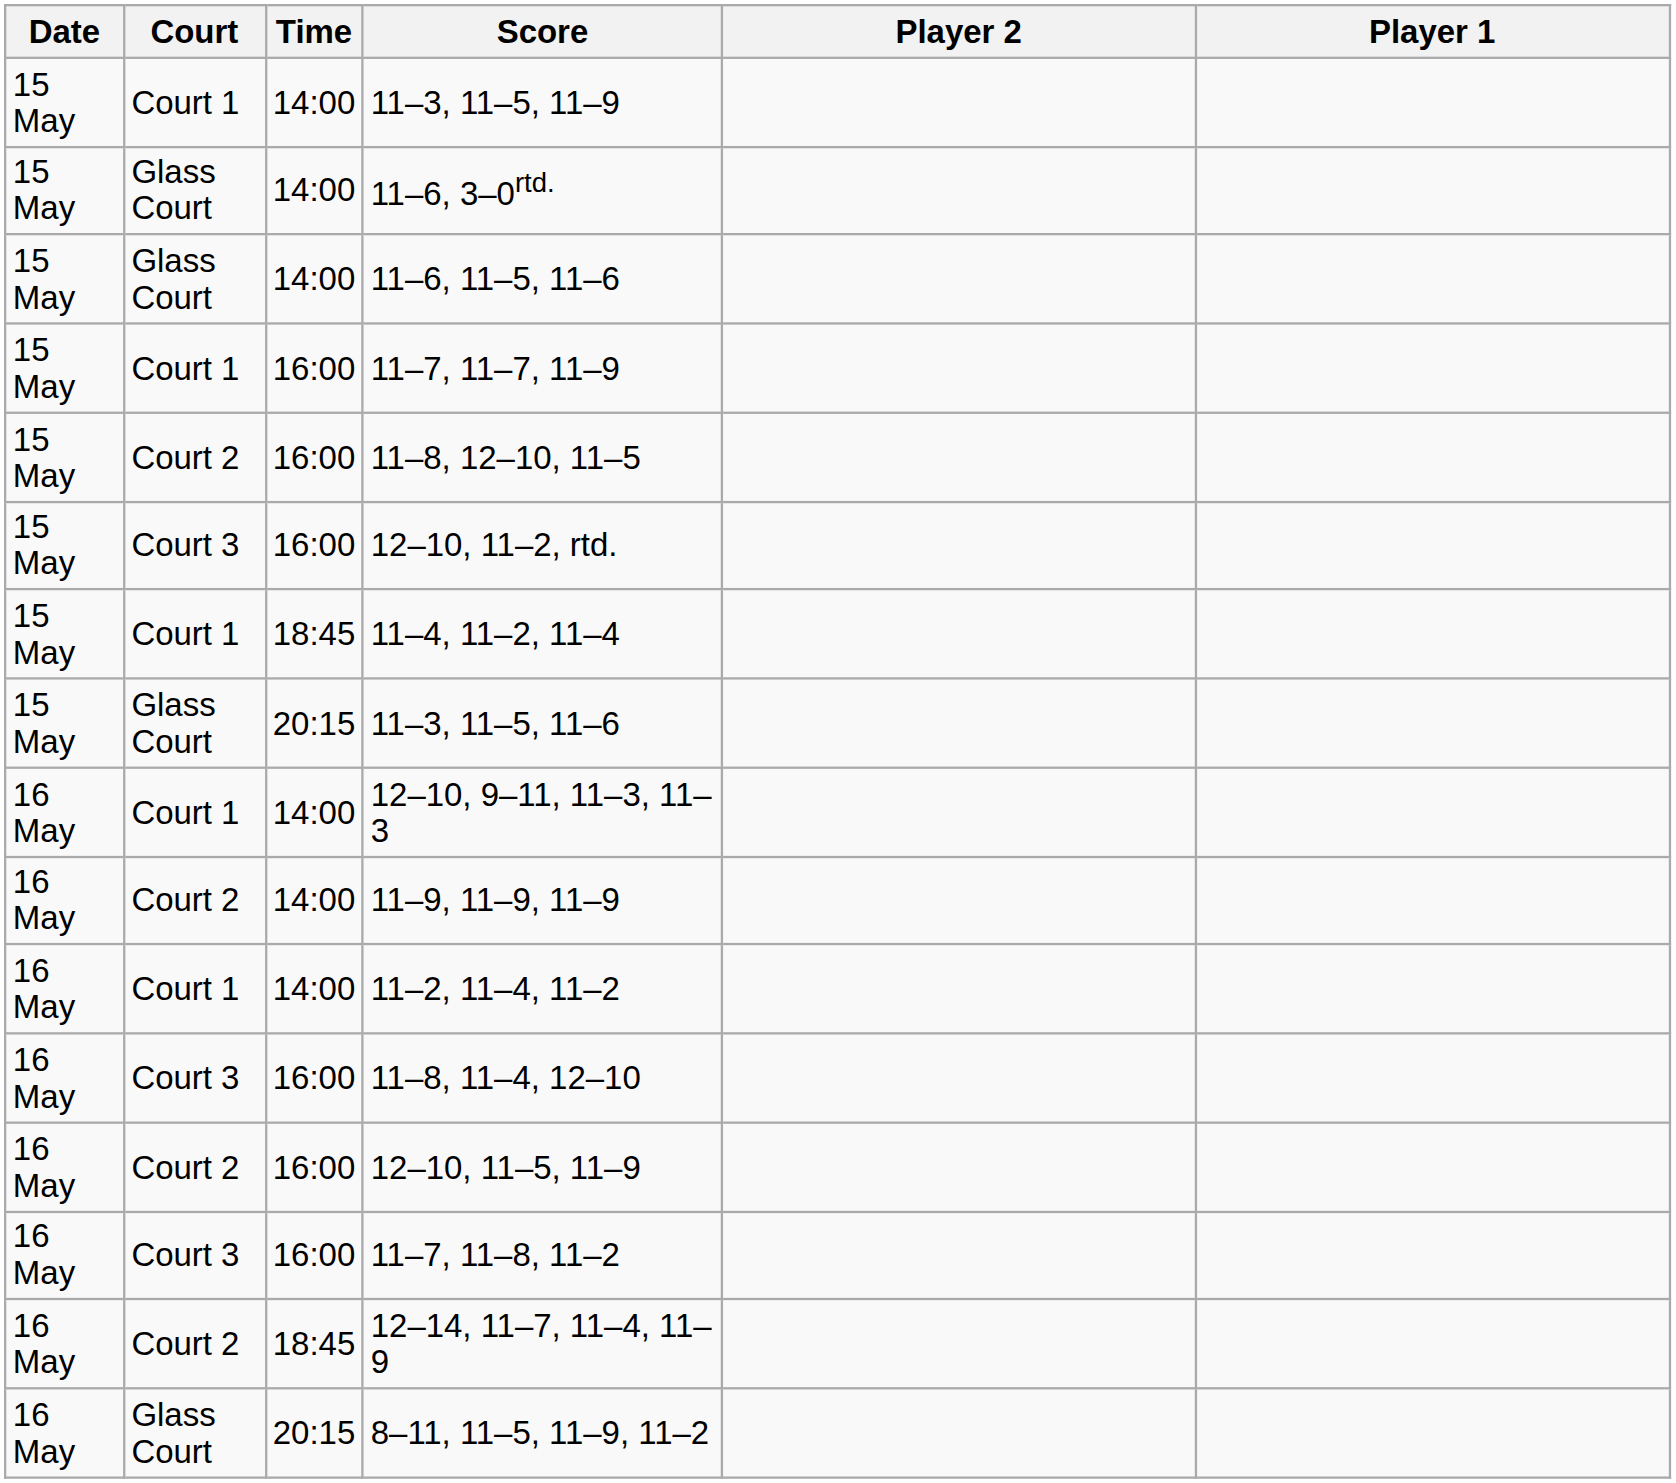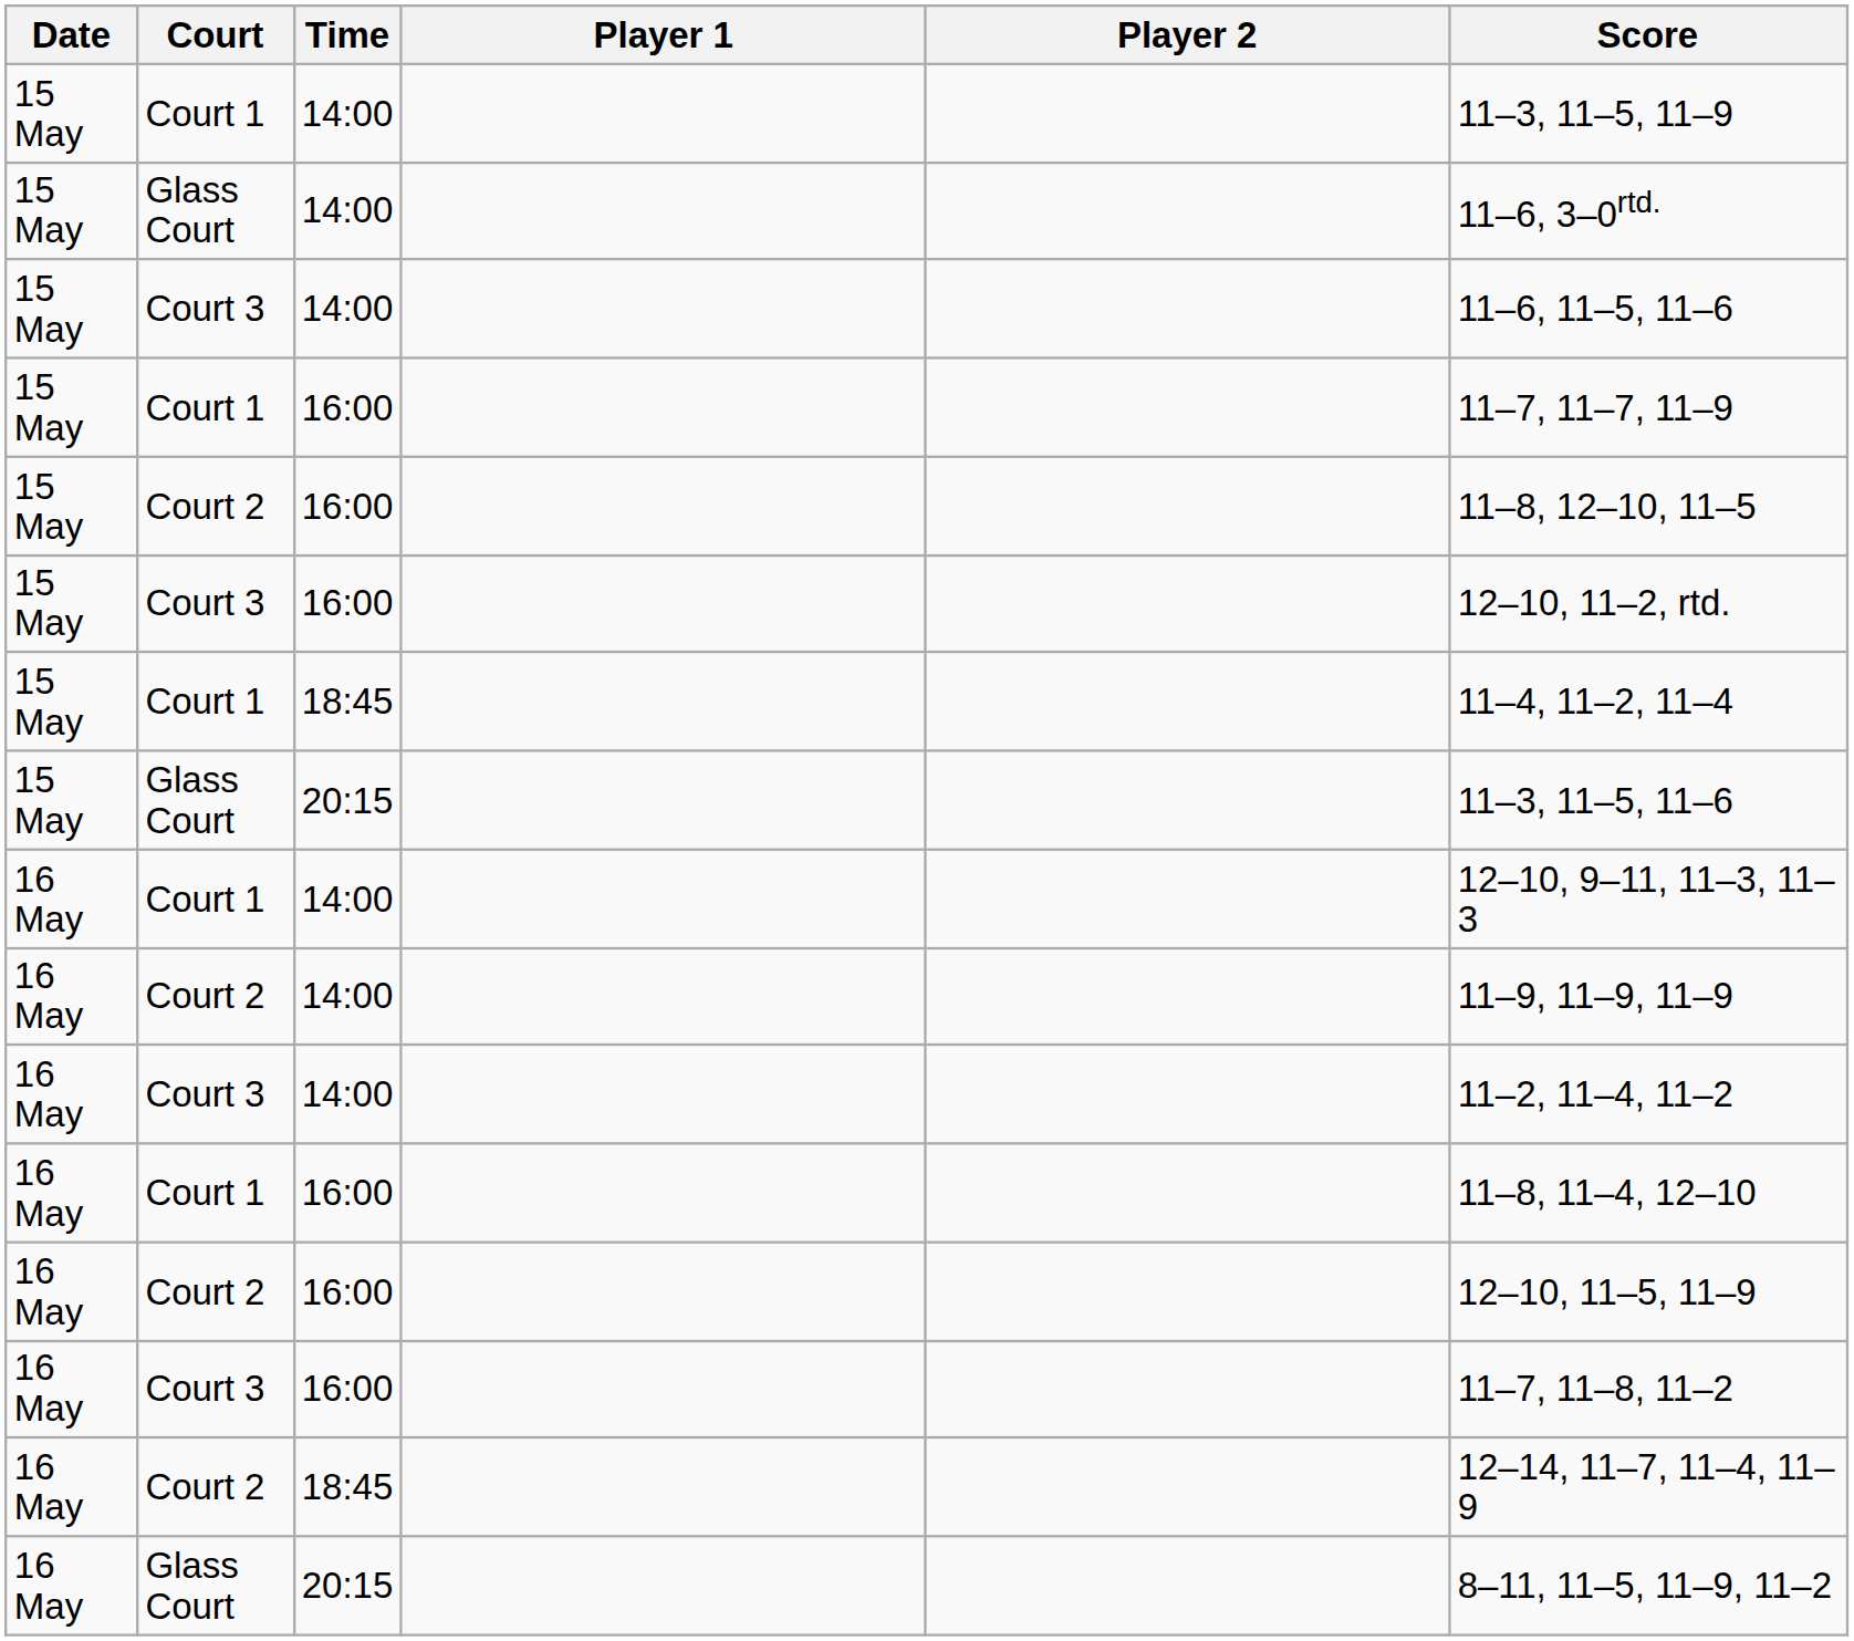 <table class="sortable wikitable" style="font-size:90%">
 <tr>
 <th width="45" class="unsortable">Date</th>
 <th width="55">Court</th>
 <th width="30">Time</th>
+<th width="200">Player 1</th>
+<th width="200">Player 2</th>
 <th width="150" class="unsortable">Score</th>
-<th width="200">Player 2</th>
-<th width="200">Player 1</th>
 </tr>
 <tr>
 <td>15 May</td>
 <td>Court 1</td>
 <td>14:00</td>
+<td><strong></strong></td>
+<td></td>
 <td>11–3, 11–5, 11–9</td>
-<td></td>
-<td><strong></strong></td>
 </tr>
 <tr>
 <td>15 May</td>
 <td>Glass Court</td>
 <td>14:00</td>
+<td></td>
+<td><strong></strong></td>
 <td>11–6, 3–0<sup>rtd.</sup></td>
-<td><strong></strong></td>
-<td></td>
 </tr>
 <tr>
 <td>15 May</td>
-<td>Glass Court</td>
+<td>Court 3</td>
 <td>14:00</td>
+<td><strong></strong></td>
+<td></td>
 <td>11–6, 11–5, 11–6</td>
-<td></td>
-<td><strong></strong></td>
 </tr>
 <tr>
 <td>15 May</td>
 <td>Court 1</td>
 <td>16:00</td>
+<td></td>
+<td><strong></strong></td>
 <td>11–7, 11–7, 11–9</td>
-<td><strong></strong></td>
-<td></td>
 </tr>
 <tr>
 <td>15 May</td>
 <td>Court 2</td>
 <td>16:00</td>
+<td><strong></strong></td>
+<td></td>
 <td>11–8, 12–10, 11–5</td>
-<td></td>
-<td><strong></strong></td>
 </tr>
 <tr>
 <td>15 May</td>
 <td>Court 3</td>
 <td>16:00</td>
+<td></td>
+<td><strong></strong></td>
 <td>12–10, 11–2, rtd.</td>
-<td><strong></strong></td>
-<td></td>
 </tr>
 <tr>
 <td>15 May</td>
 <td>Court 1</td>
 <td>18:45</td>
+<td><strong></strong></td>
+<td></td>
 <td>11–4, 11–2, 11–4</td>
-<td></td>
-<td><strong></strong></td>
 </tr>
 <tr>
 <td>15 May</td>
 <td>Glass Court</td>
 <td>20:15</td>
+<td></td>
+<td><strong></strong></td>
 <td>11–3, 11–5, 11–6</td>
-<td><strong></strong></td>
-<td></td>
 </tr>
 <tr>
 <td>16 May</td>
 <td>Court 1</td>
 <td>14:00</td>
+<td><strong></strong></td>
+<td></td>
 <td>12–10, 9–11, 11–3, 11–3</td>
-<td></td>
-<td><strong></strong></td>
 </tr>
 <tr>
 <td>16 May</td>
 <td>Court 2</td>
 <td>14:00</td>
+<td></td>
+<td><strong></strong></td>
 <td>11–9, 11–9, 11–9</td>
+</tr>
+<tr>
+<td>16 May</td>
+<td>Court 3</td>
+<td>14:00</td>
+<td></td>
 <td><strong></strong></td>
-<td></td>
+<td>11–2, 11–4, 11–2</td>
 </tr>
 <tr>
 <td>16 May</td>
 <td>Court 1</td>
-<td>14:00</td>
-<td>11–2, 11–4, 11–2</td>
+<td>16:00</td>
 <td><strong></strong></td>
 <td></td>
+<td>11–8, 11–4, 12–10</td>
+</tr>
+<tr>
+<td>16 May</td>
+<td>Court 2</td>
+<td>16:00</td>
+<td><strong></strong></td>
+<td></td>
+<td>12–10, 11–5, 11–9</td>
 </tr>
 <tr>
 <td>16 May</td>
 <td>Court 3</td>
 <td>16:00</td>
-<td>11–8, 11–4, 12–10</td>
 <td></td>
 <td><strong></strong></td>
-</tr>
-<tr>
-<td>16 May</td>
-<td>Court 2</td>
-<td>16:00</td>
-<td>12–10, 11–5, 11–9</td>
-<td></td>
-<td><strong></strong></td>
-</tr>
-<tr>
-<td>16 May</td>
-<td>Court 3</td>
-<td>16:00</td>
 <td>11–7, 11–8, 11–2</td>
-<td><strong></strong></td>
-<td></td>
 </tr>
 <tr>
 <td>16 May</td>
 <td>Court 2</td>
 <td>18:45</td>
+<td></td>
+<td><strong></strong></td>
 <td>12–14, 11–7, 11–4, 11–9</td>
-<td><strong></strong></td>
-<td></td>
 </tr>
 <tr>
 <td>16 May</td>
 <td>Glass Court</td>
 <td>20:15</td>
+<td><strong></strong></td>
+<td></td>
 <td>8–11, 11–5, 11–9, 11–2</td>
-<td></td>
-<td><strong></strong></td>
 </tr>
 </table>
